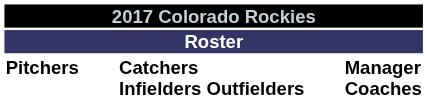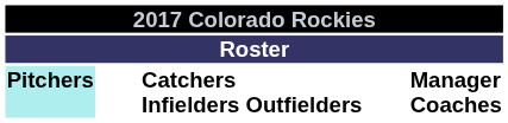 <table class="toccolours" style="font-size: 95%;">
 <tr>
 <th colspan="10" style="background-color: #000000; color: #C4CED4; text-align: center;">2017 Colorado Rockies</th>
 </tr>
 <tr>
 <td colspan="10" style="background-color: #333366; color: #FFFFFF; text-align: center;"><strong>Roster</strong></td>
 </tr>
 <tr>
-<td valign="top"><strong>Pitchers</strong><br>                    </td>
+<td valign="top" style="background: paleturquoise;"><strong>Pitchers</strong><br>                    </td>
 <td width="25px"></td>
 <td valign="top"><strong>Catchers</strong><br>     <strong>Infielders</strong>          <strong>Outfielders</strong>      </td>
 <td width="25px"></td>
 <td valign="top"><strong>Manager</strong><br> <strong>Coaches</strong>                  </td>
 </tr>
 <tr>
 </tr>
 </table>
